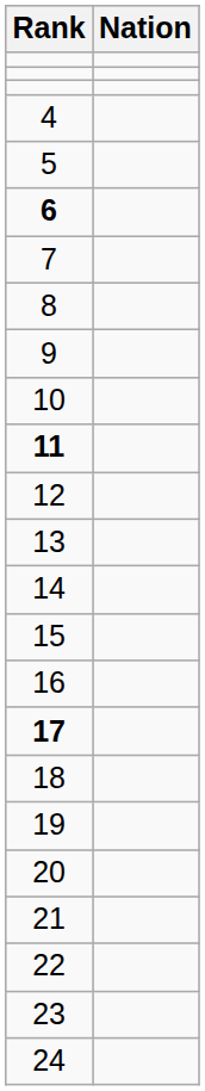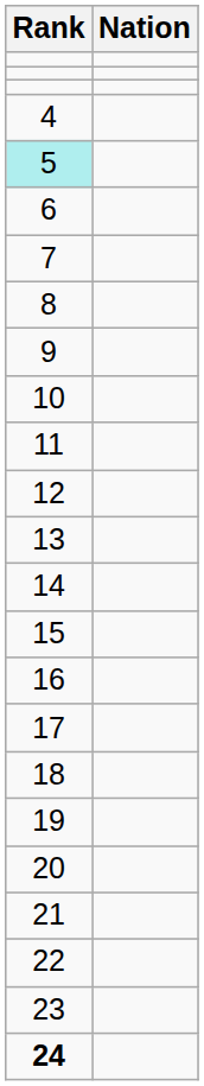 <table class="wikitable sortable" style="text-align:left">
 <tr>
 <th>Rank</th>
 <th>Nation</th>
 </tr>
 <tr>
 <td align="center"></td>
 <td></td>
 </tr>
 <tr>
 <td align="center"></td>
 <td></td>
 </tr>
 <tr>
 <td align="center"></td>
 <td></td>
 </tr>
 <tr>
 <td align="center">4</td>
 <td></td>
 </tr>
 <tr>
-<td align="center">5</td>
+<td align="center" style="background: paleturquoise;">5</td>
 <td></td>
 </tr>
 <tr>
-<td align="center"><strong>6</strong></td>
+<td align="center">6</td>
 <td></td>
 </tr>
 <tr>
 <td align="center">7</td>
 <td></td>
 </tr>
 <tr>
 <td align="center">8</td>
 <td></td>
 </tr>
 <tr>
 <td align="center">9</td>
 <td></td>
 </tr>
 <tr>
 <td align="center">10</td>
 <td></td>
 </tr>
 <tr>
-<td align="center"><strong>11</strong></td>
+<td align="center">11</td>
 <td></td>
 </tr>
 <tr>
 <td align="center">12</td>
 <td></td>
 </tr>
 <tr>
 <td align="center">13</td>
 <td></td>
 </tr>
 <tr>
 <td align="center">14</td>
 <td></td>
 </tr>
 <tr>
 <td align="center">15</td>
 <td></td>
 </tr>
 <tr>
 <td align="center">16</td>
 <td></td>
 </tr>
 <tr>
-<td align="center"><strong>17</strong></td>
+<td align="center">17</td>
 <td></td>
 </tr>
 <tr>
 <td align="center">18</td>
 <td></td>
 </tr>
 <tr>
 <td align="center">19</td>
 <td></td>
 </tr>
 <tr>
 <td align="center">20</td>
 <td></td>
 </tr>
 <tr>
 <td align="center">21</td>
 <td></td>
 </tr>
 <tr>
 <td align="center">22</td>
 <td></td>
 </tr>
 <tr>
 <td align="center">23</td>
 <td></td>
 </tr>
 <tr>
-<td align="center">24</td>
+<td align="center"><strong>24</strong></td>
 <td></td>
 </tr>
 </table>
